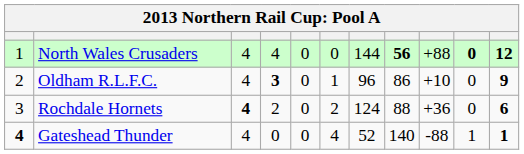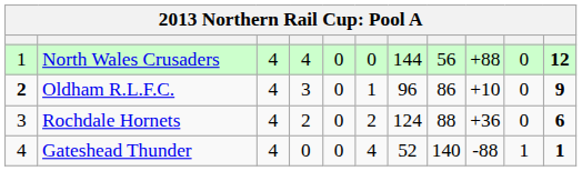 <table class="wikitable" style="text-align:center;">
 <tr>
 <th colspan="11">2013 Northern Rail Cup: Pool A</th>
 </tr>
 <tr>
 <th width="20"></th>
 <th width="175"></th>
 <th width="20"></th>
 <th width="20"></th>
 <th width="20"></th>
 <th width="20"></th>
 <th width="25"></th>
 <th width="25"></th>
 <th width="25"></th>
 <th width="25"></th>
 <th width="20"></th>
 </tr>
 <tr align=center style="background:#CCFFCC;">
 <td>1</td>
 <td style="text-align:left;">   <a href='#'>North Wales Crusaders</a></td>
 <td>4</td>
 <td>4</td>
 <td>0</td>
 <td>0</td>
 <td>144</td>
-<td><strong>56</strong></td>
+<td>56</td>
 <td>+88</td>
-<td><strong>0</strong></td>
+<td>0</td>
 <td><strong>12</strong></td>
 </tr>
 <tr align=center style="background:#;">
-<td>2</td>
+<td><strong>2</strong></td>
 <td style="text-align:left;"> <a href='#'>Oldham R.L.F.C.</a></td>
 <td>4</td>
-<td><strong>3</strong></td>
+<td>3</td>
 <td>0</td>
 <td>1</td>
 <td>96</td>
 <td>86</td>
 <td>+10</td>
 <td>0</td>
 <td><strong>9</strong></td>
 </tr>
 <tr align=center style="background:#;">
 <td>3</td>
 <td style="text-align:left"> <a href='#'>Rochdale Hornets</a></td>
-<td><strong>4</strong></td>
+<td>4</td>
 <td>2</td>
 <td>0</td>
 <td>2</td>
 <td>124</td>
 <td>88</td>
 <td>+36</td>
 <td>0</td>
 <td><strong>6</strong></td>
 </tr>
 <tr align=center style="background:#;">
-<td><strong>4</strong></td>
+<td>4</td>
 <td style="text-align:left;"> <a href='#'>Gateshead Thunder</a></td>
 <td>4</td>
 <td>0</td>
 <td>0</td>
 <td>4</td>
 <td>52</td>
 <td>140</td>
 <td>-88</td>
 <td>1</td>
 <td><strong>1</strong></td>
 </tr>
 </table>
